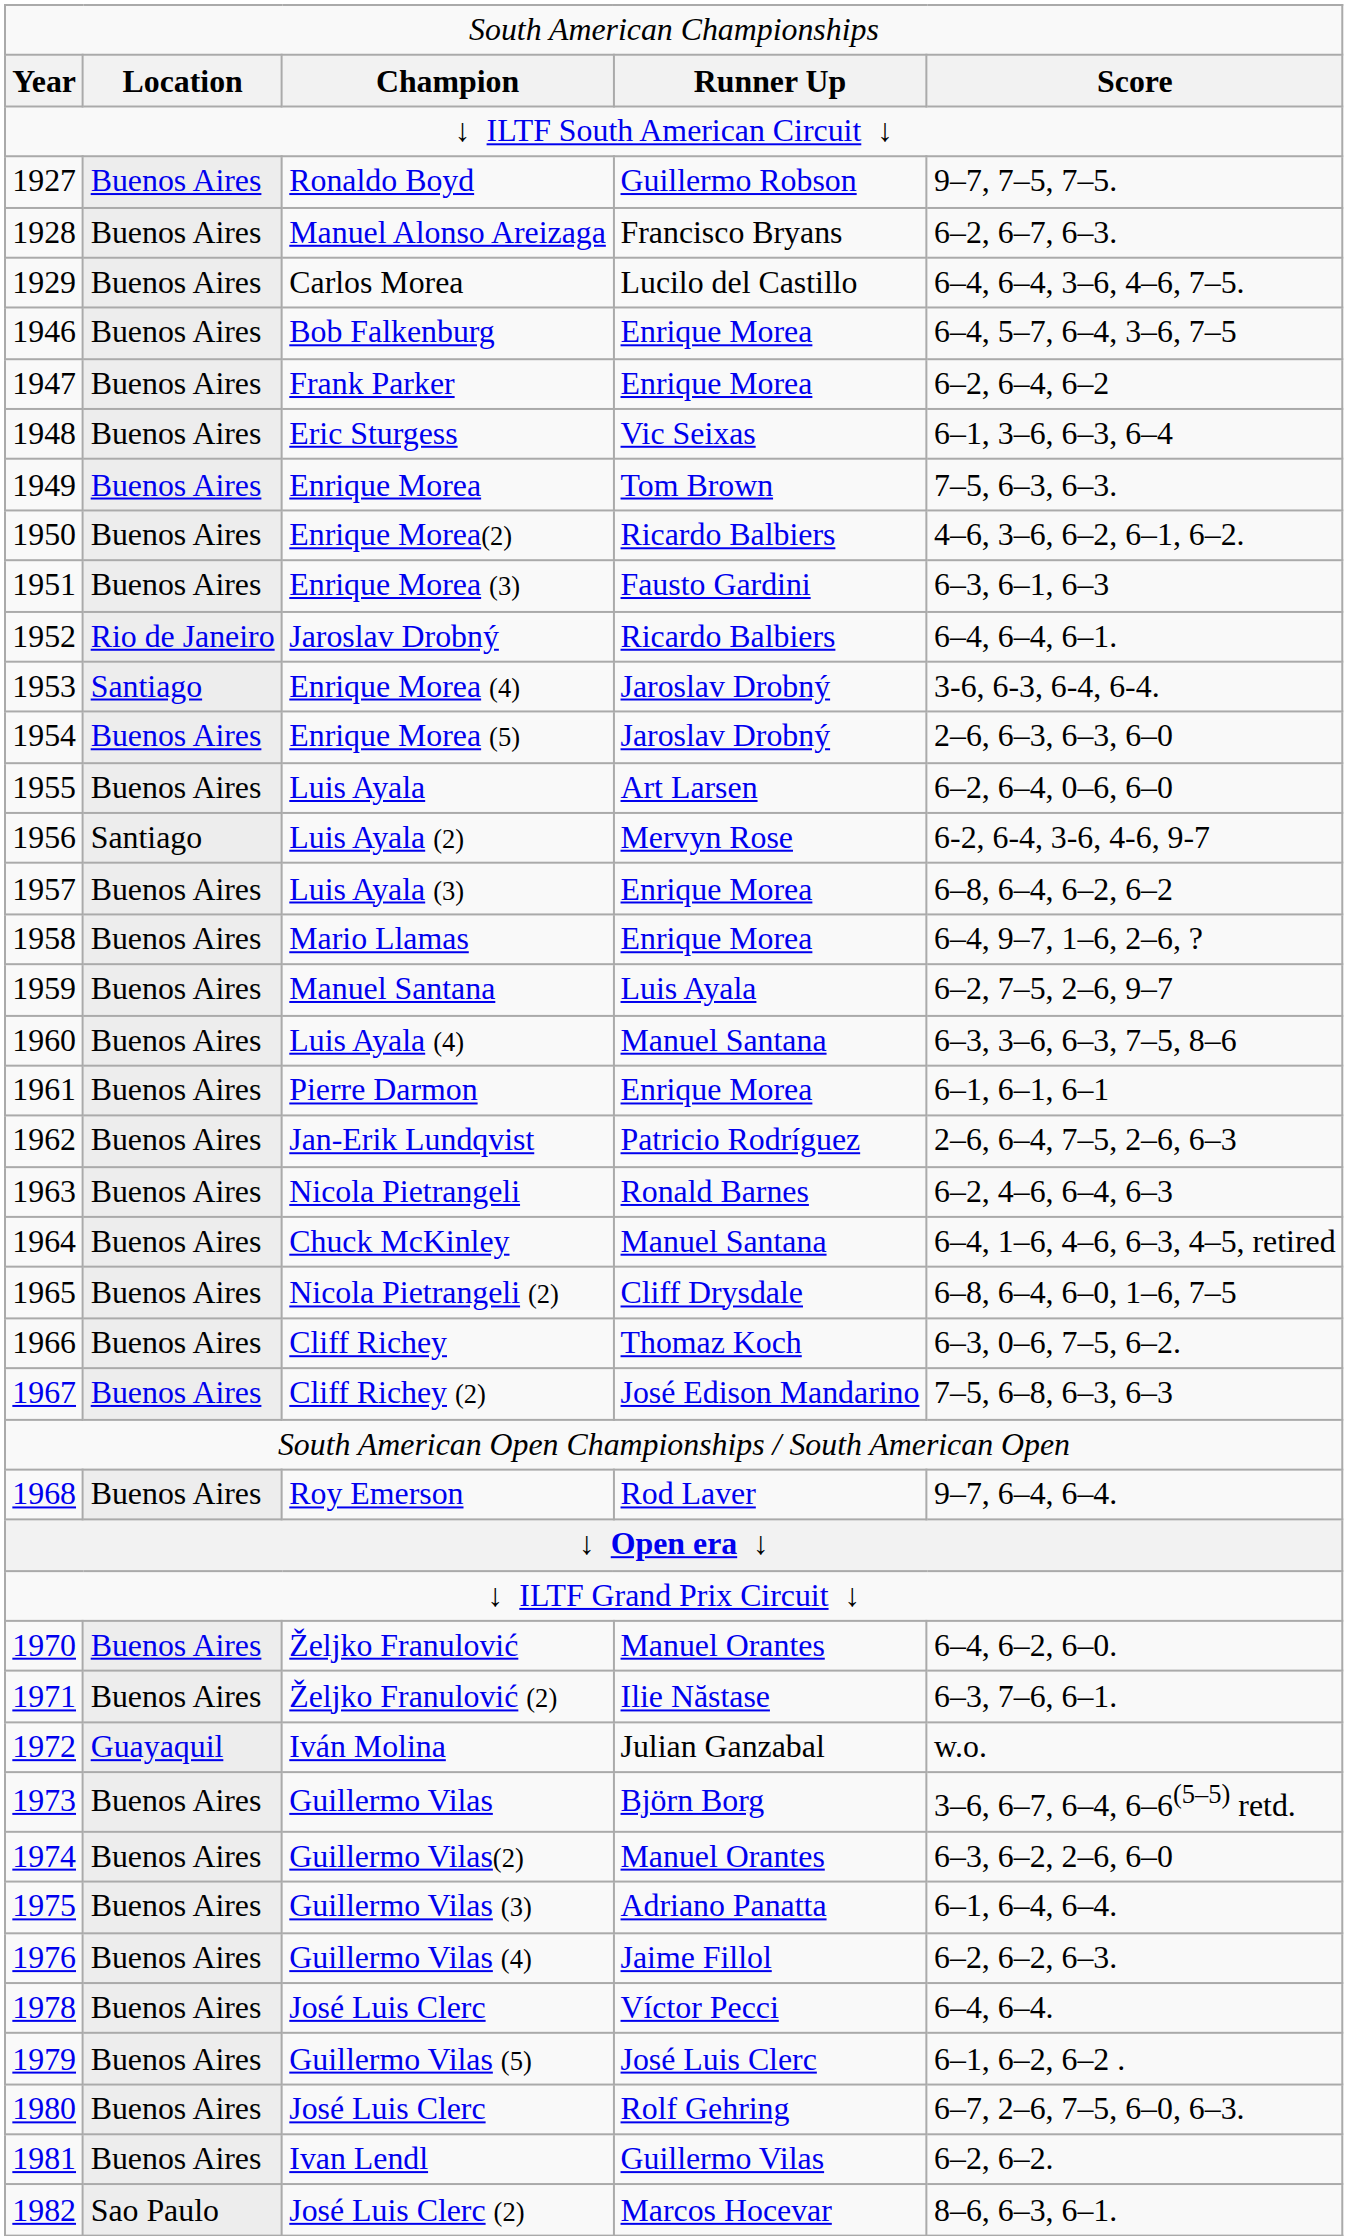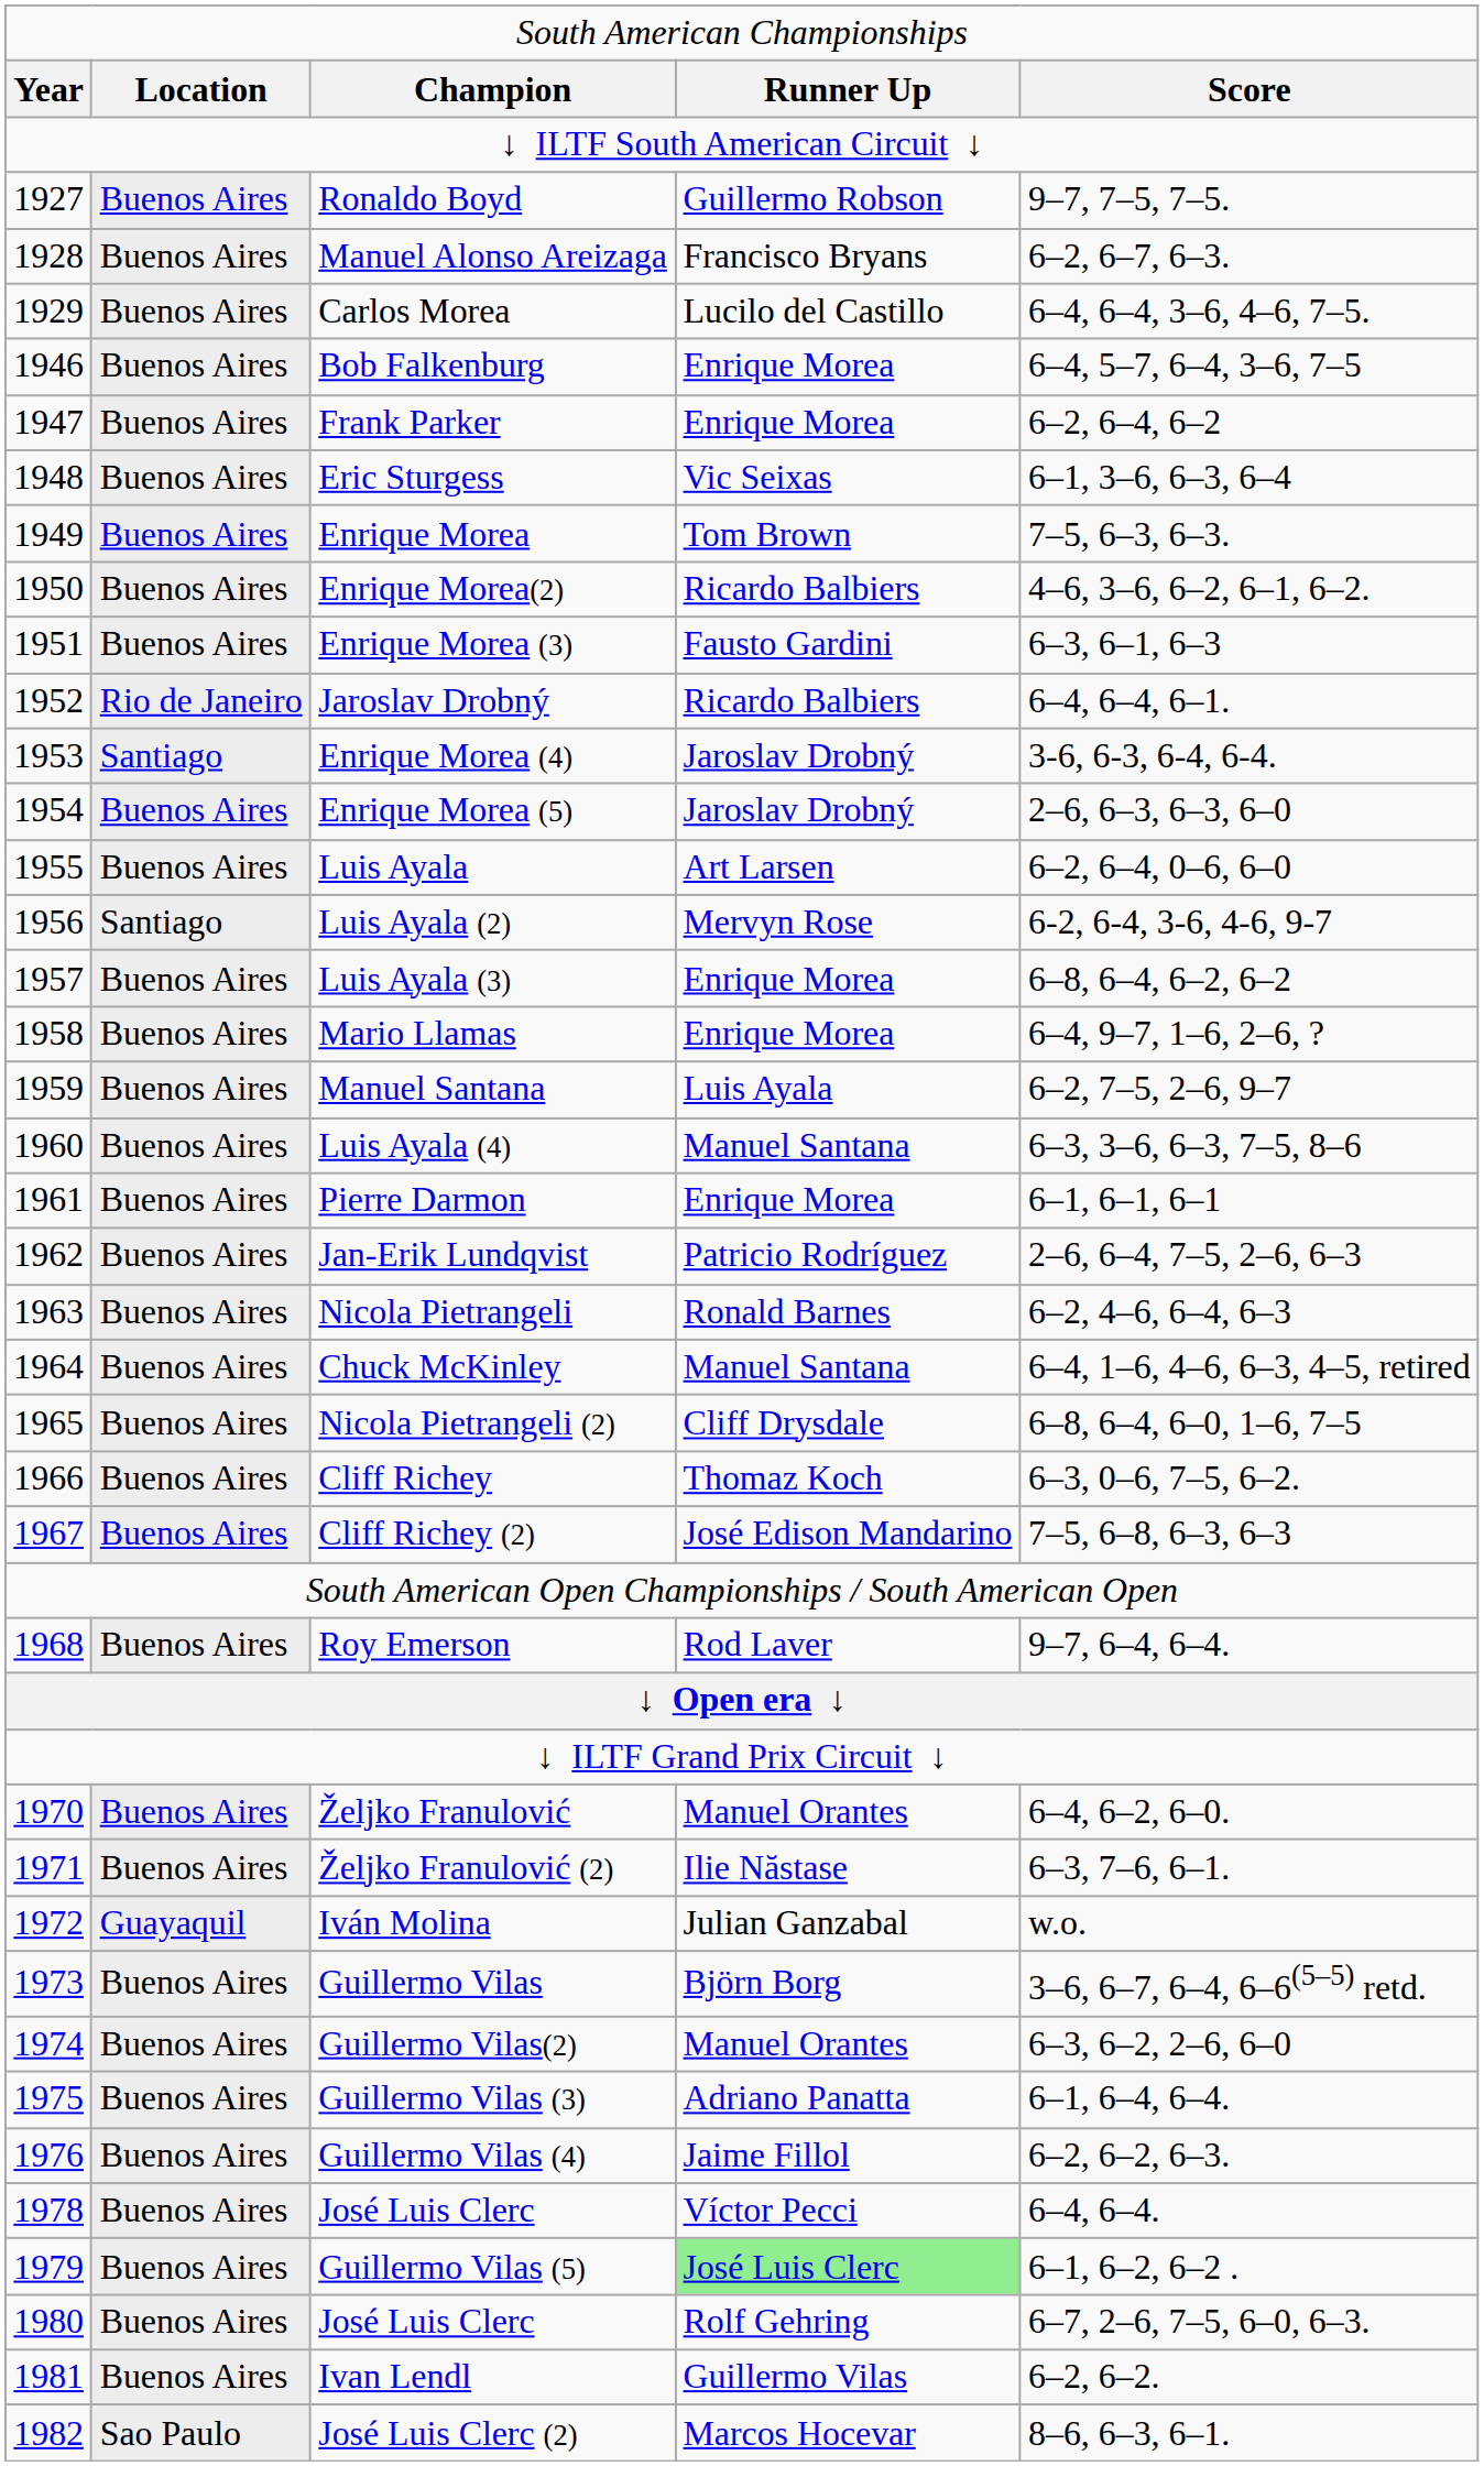 <table class="wikitable sortable">
 <tr>
 <td colspan=5 align=center><em>South American Championships</em></td>
 </tr>
 <tr>
 <th>Year</th>
 <th>Location</th>
 <th>Champion</th>
 <th>Runner Up</th>
 <th>Score</th>
 </tr>
 <tr>
 <td colspan=5 align=center>↓  <a href='#'>ILTF South American Circuit</a>  ↓</td>
 </tr>
 <tr>
 <td>1927</td>
 <td style="background:#ededed"><a href='#'>Buenos Aires</a></td>
 <td> <a href='#'>Ronaldo Boyd</a></td>
 <td> <a href='#'>Guillermo Robson</a></td>
 <td>9–7, 7–5, 7–5.</td>
 </tr>
 <tr>
 <td>1928</td>
 <td style="background:#ededed">Buenos Aires</td>
 <td> <a href='#'>Manuel Alonso Areizaga</a></td>
 <td> Francisco Bryans</td>
 <td>6–2, 6–7, 6–3.</td>
 </tr>
 <tr>
 <td>1929</td>
 <td style="background:#ededed">Buenos Aires</td>
 <td> Carlos Morea</td>
 <td> Lucilo del Castillo</td>
 <td>6–4, 6–4, 3–6, 4–6, 7–5.</td>
 </tr>
 <tr>
 <td>1946</td>
 <td style="background:#ededed">Buenos Aires</td>
 <td> <a href='#'>Bob Falkenburg</a></td>
 <td> <a href='#'>Enrique Morea</a></td>
 <td>6–4, 5–7, 6–4, 3–6, 7–5</td>
 </tr>
 <tr>
 <td>1947</td>
 <td style="background:#ededed">Buenos Aires</td>
 <td> <a href='#'>Frank Parker</a></td>
 <td> <a href='#'>Enrique Morea</a></td>
 <td>6–2, 6–4, 6–2</td>
 </tr>
 <tr>
 <td>1948</td>
 <td style="background:#ededed">Buenos Aires</td>
 <td> <a href='#'>Eric Sturgess</a></td>
 <td> <a href='#'>Vic Seixas</a></td>
 <td>6–1, 3–6, 6–3, 6–4</td>
 </tr>
 <tr>
 <td>1949</td>
 <td style="background:#ededed"><a href='#'>Buenos Aires</a></td>
 <td> <a href='#'>Enrique Morea</a></td>
 <td> <a href='#'>Tom Brown</a></td>
 <td>7–5, 6–3, 6–3.</td>
 </tr>
 <tr>
 <td>1950</td>
 <td style="background:#ededed">Buenos Aires</td>
 <td> <a href='#'>Enrique Morea</a><small>(2)</small></td>
 <td> <a href='#'>Ricardo Balbiers</a></td>
 <td>4–6, 3–6, 6–2, 6–1, 6–2.</td>
 </tr>
 <tr>
 <td>1951</td>
 <td style="background:#ededed">Buenos Aires</td>
 <td> <a href='#'>Enrique Morea</a> <small>(3)</small></td>
 <td> <a href='#'>Fausto Gardini</a></td>
 <td>6–3, 6–1, 6–3</td>
 </tr>
 <tr>
 <td>1952</td>
 <td style="background:#ededed"><a href='#'>Rio de Janeiro</a></td>
 <td> <a href='#'>Jaroslav Drobný</a></td>
 <td> <a href='#'>Ricardo Balbiers</a></td>
 <td>6–4, 6–4, 6–1.</td>
 </tr>
 <tr>
 <td>1953</td>
 <td style="background:#ededed"><a href='#'>Santiago</a></td>
 <td> <a href='#'>Enrique Morea</a> <small>(4)</small></td>
 <td>  <a href='#'>Jaroslav Drobný</a></td>
 <td>3-6, 6-3, 6-4, 6-4.</td>
 </tr>
 <tr>
 <td>1954</td>
 <td style="background:#ededed"><a href='#'>Buenos Aires</a></td>
 <td> <a href='#'>Enrique Morea</a> <small>(5)</small></td>
 <td>  <a href='#'>Jaroslav Drobný</a></td>
 <td>2–6, 6–3, 6–3, 6–0</td>
 </tr>
 <tr>
 <td>1955</td>
 <td style="background:#ededed">Buenos Aires</td>
 <td> <a href='#'>Luis Ayala</a></td>
 <td> <a href='#'>Art Larsen</a></td>
 <td>6–2, 6–4, 0–6, 6–0</td>
 </tr>
 <tr>
 <td>1956</td>
 <td style="background:#ededed">Santiago</td>
 <td> <a href='#'>Luis Ayala</a>  <small>(2)</small></td>
 <td> <a href='#'>Mervyn Rose</a></td>
 <td>6-2, 6-4, 3-6, 4-6, 9-7</td>
 </tr>
 <tr>
 <td>1957</td>
 <td style="background:#ededed">Buenos Aires</td>
 <td> <a href='#'>Luis Ayala</a> <small>(3)</small></td>
 <td> <a href='#'>Enrique Morea</a></td>
 <td>6–8, 6–4, 6–2, 6–2</td>
 </tr>
 <tr>
 <td>1958</td>
 <td style="background:#ededed">Buenos Aires</td>
 <td> <a href='#'>Mario Llamas</a></td>
 <td> <a href='#'>Enrique Morea</a></td>
 <td>6–4, 9–7, 1–6, 2–6, ?</td>
 </tr>
 <tr>
 <td>1959</td>
 <td style="background:#ededed">Buenos Aires</td>
 <td> <a href='#'>Manuel Santana</a></td>
 <td> <a href='#'>Luis Ayala</a></td>
 <td>6–2, 7–5, 2–6, 9–7</td>
 </tr>
 <tr>
 <td>1960</td>
 <td style="background:#ededed">Buenos Aires</td>
 <td> <a href='#'>Luis Ayala</a> <small>(4)</small></td>
 <td> <a href='#'>Manuel Santana</a></td>
 <td>6–3, 3–6, 6–3, 7–5, 8–6</td>
 </tr>
 <tr>
 <td>1961</td>
 <td style="background:#ededed">Buenos Aires</td>
 <td> <a href='#'>Pierre Darmon</a></td>
 <td> <a href='#'>Enrique Morea</a></td>
 <td>6–1, 6–1, 6–1</td>
 </tr>
 <tr>
 <td>1962</td>
 <td style="background:#ededed">Buenos Aires</td>
 <td> <a href='#'>Jan-Erik Lundqvist</a></td>
 <td> <a href='#'>Patricio Rodríguez</a></td>
 <td>2–6, 6–4, 7–5, 2–6, 6–3</td>
 </tr>
 <tr>
 <td>1963</td>
 <td style="background:#ededed">Buenos Aires</td>
 <td> <a href='#'>Nicola Pietrangeli</a></td>
 <td> <a href='#'>Ronald Barnes</a></td>
 <td>6–2, 4–6, 6–4, 6–3</td>
 </tr>
 <tr>
 <td>1964</td>
 <td style="background:#ededed">Buenos Aires</td>
 <td> <a href='#'>Chuck McKinley</a></td>
 <td> <a href='#'>Manuel Santana</a></td>
 <td>6–4, 1–6, 4–6, 6–3, 4–5, retired</td>
 </tr>
 <tr>
 <td>1965</td>
 <td style="background:#ededed">Buenos Aires</td>
 <td> <a href='#'>Nicola Pietrangeli</a> <small>(2)</small></td>
 <td> <a href='#'>Cliff Drysdale</a></td>
 <td>6–8, 6–4, 6–0, 1–6, 7–5</td>
 </tr>
 <tr>
 <td>1966</td>
 <td style="background:#ededed">Buenos Aires</td>
 <td> <a href='#'>Cliff Richey</a></td>
 <td> <a href='#'>Thomaz Koch</a></td>
 <td>6–3, 0–6, 7–5, 6–2.</td>
 </tr>
 <tr>
 <td><a href='#'>1967</a></td>
 <td style="background:#ededed"><a href='#'>Buenos Aires</a></td>
 <td> <a href='#'>Cliff Richey</a> <small>(2)</small></td>
 <td> <a href='#'>José Edison Mandarino</a></td>
 <td>7–5, 6–8, 6–3, 6–3</td>
 </tr>
 <tr>
 <td colspan=5 align=center><em>South American Open Championships / South American Open</em></td>
 </tr>
 <tr>
 <td><a href='#'>1968</a></td>
 <td style="background:#ededed">Buenos Aires</td>
 <td> <a href='#'>Roy Emerson</a></td>
 <td> <a href='#'>Rod Laver</a></td>
 <td>9–7, 6–4, 6–4.</td>
 </tr>
 <tr>
 <th colspan=5 align=center>↓  <a href='#'>Open era</a>  ↓</th>
 </tr>
 <tr>
 <td colspan=5 align=center>↓  <a href='#'>ILTF Grand Prix Circuit</a>  ↓</td>
 </tr>
 <tr>
 <td><a href='#'>1970</a></td>
 <td style="background:#ededed"><a href='#'>Buenos Aires</a></td>
 <td> <a href='#'>Željko Franulović</a></td>
 <td> <a href='#'>Manuel Orantes</a></td>
 <td>6–4, 6–2, 6–0.</td>
 </tr>
 <tr>
 <td><a href='#'>1971</a></td>
 <td style="background:#ededed">Buenos Aires</td>
 <td> <a href='#'>Željko Franulović</a> <small>(2)</small></td>
 <td> <a href='#'>Ilie Năstase</a></td>
 <td>6–3, 7–6, 6–1.</td>
 </tr>
 <tr>
 <td><a href='#'>1972</a></td>
 <td style="background:#ededed"><a href='#'>Guayaquil</a></td>
 <td> <a href='#'>Iván Molina</a></td>
 <td> Julian Ganzabal</td>
 <td>w.o.</td>
 </tr>
 <tr>
 <td><a href='#'>1973</a></td>
 <td style="background:#ededed">Buenos Aires</td>
 <td> <a href='#'>Guillermo Vilas</a></td>
 <td> <a href='#'>Björn Borg</a></td>
 <td>3–6, 6–7, 6–4, 6–6<sup>(5–5)</sup> retd.</td>
 </tr>
 <tr>
 <td><a href='#'>1974</a></td>
 <td style="background:#ededed">Buenos Aires</td>
 <td> <a href='#'>Guillermo Vilas</a><small>(2)</small></td>
 <td> <a href='#'>Manuel Orantes</a></td>
 <td>6–3, 6–2, 2–6, 6–0</td>
 </tr>
 <tr>
 <td><a href='#'>1975</a></td>
 <td style="background:#ededed">Buenos Aires</td>
 <td> <a href='#'>Guillermo Vilas</a> <small>(3)</small></td>
 <td> <a href='#'>Adriano Panatta</a></td>
 <td>6–1, 6–4, 6–4.</td>
 </tr>
 <tr>
 <td><a href='#'>1976</a></td>
 <td style="background:#ededed">Buenos Aires</td>
 <td> <a href='#'>Guillermo Vilas</a> <small>(4)</small></td>
 <td> <a href='#'>Jaime Fillol</a></td>
 <td>6–2, 6–2, 6–3.</td>
 </tr>
 <tr>
 <td><a href='#'>1978</a></td>
 <td style="background:#ededed">Buenos Aires</td>
 <td> <a href='#'>José Luis Clerc</a></td>
 <td> <a href='#'>Víctor Pecci</a></td>
 <td>6–4, 6–4.</td>
 </tr>
 <tr>
 <td><a href='#'>1979</a></td>
 <td style="background:#ededed">Buenos Aires</td>
 <td> <a href='#'>Guillermo Vilas</a> <small>(5)</small></td>
-<td> <a href='#'>José Luis Clerc</a></td>
+<td style="background: lightgreen;"> <a href='#'>José Luis Clerc</a></td>
 <td>6–1, 6–2, 6–2 .</td>
 </tr>
 <tr>
 <td><a href='#'>1980</a></td>
 <td style="background:#ededed">Buenos Aires</td>
 <td> <a href='#'>José Luis Clerc</a></td>
 <td> <a href='#'>Rolf Gehring</a></td>
 <td>6–7, 2–6, 7–5, 6–0, 6–3.</td>
 </tr>
 <tr>
 <td><a href='#'>1981</a></td>
 <td style="background:#ededed">Buenos Aires</td>
 <td> <a href='#'>Ivan Lendl</a></td>
 <td> <a href='#'>Guillermo Vilas</a></td>
 <td>6–2, 6–2.</td>
 </tr>
 <tr>
 <td><a href='#'>1982</a></td>
 <td style="background:#ededed">Sao Paulo</td>
 <td> <a href='#'>José Luis Clerc</a> <small>(2)</small></td>
 <td> <a href='#'>Marcos Hocevar</a></td>
 <td>8–6, 6–3, 6–1.</td>
 </tr>
 <tr>
 </tr>
 </table>
